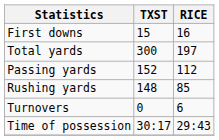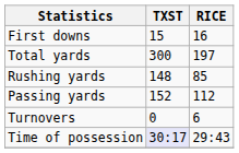 <table class="wikitable" style="float: left;">
 <tr>
 <th>Statistics</th>
 <th>TXST</th>
 <th>RICE</th>
 </tr>
 <tr>
 <td>First downs</td>
 <td>15</td>
 <td>16</td>
 </tr>
 <tr>
 <td>Total yards</td>
 <td>300</td>
 <td>197</td>
 </tr>
 <tr>
+<td>Rushing yards</td>
+<td>148</td>
+<td>85</td>
+</tr>
+<tr>
 <td>Passing yards</td>
 <td>152</td>
 <td>112</td>
-</tr>
-<tr>
-<td>Rushing yards</td>
-<td>148</td>
-<td>85</td>
 </tr>
 <tr>
 <td>Turnovers</td>
 <td>0</td>
 <td>6</td>
 </tr>
 <tr>
 <td>Time of possession</td>
-<td>30:17</td>
+<td style="background: lavender;">30:17</td>
 <td>29:43</td>
 </tr>
 <tr>
 </tr>
 </table>
